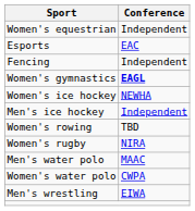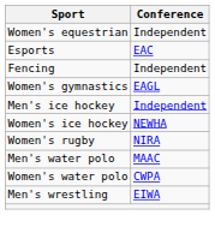 <table class="wikitable"; style= "text-align: ">
 <tr>
 <th width=px>Sport</th>
 <th width=px>Conference</th>
 </tr>
 <tr>
 <td>Women's equestrian</td>
 <td>Independent</td>
 </tr>
 <tr>
 <td>Esports</td>
 <td><a href='#'>EAC</a></td>
 </tr>
 <tr>
 <td>Fencing </td>
 <td>Independent</td>
 </tr>
 <tr>
 <td>Women's gymnastics</td>
-<td><strong><a href='#'>EAGL</a></strong></td>
-</tr>
-<tr>
-<td>Women's ice hockey</td>
-<td><a href='#'>NEWHA</a></td>
+<td><a href='#'>EAGL</a></td>
 </tr>
 <tr>
 <td>Men's ice hockey</td>
 <td><a href='#'>Independent</a></td>
 </tr>
 <tr>
-<td>Women's rowing</td>
-<td>TBD</td>
+<td>Women's ice hockey</td>
+<td><a href='#'>NEWHA</a></td>
 </tr>
 <tr>
 <td>Women's rugby</td>
 <td><a href='#'>NIRA</a></td>
 </tr>
 <tr>
 <td>Men's water polo</td>
 <td><a href='#'>MAAC</a></td>
 </tr>
 <tr>
 <td>Women's water polo</td>
 <td><a href='#'>CWPA</a></td>
 </tr>
 <tr>
 <td>Men's wrestling</td>
 <td><a href='#'>EIWA</a></td>
 </tr>
 <tr>
 <td colspan=2></td>
 </tr>
 </table>
